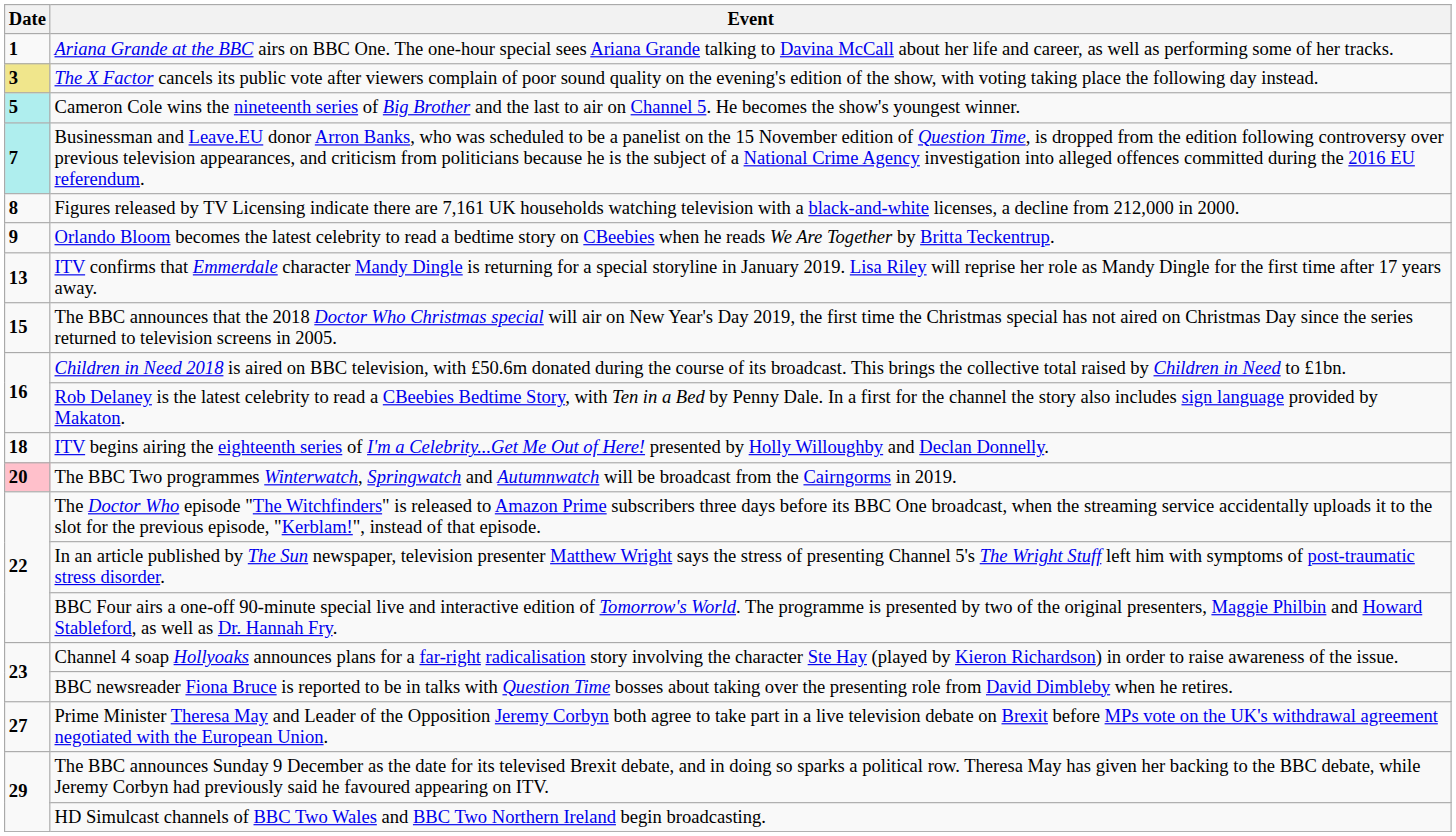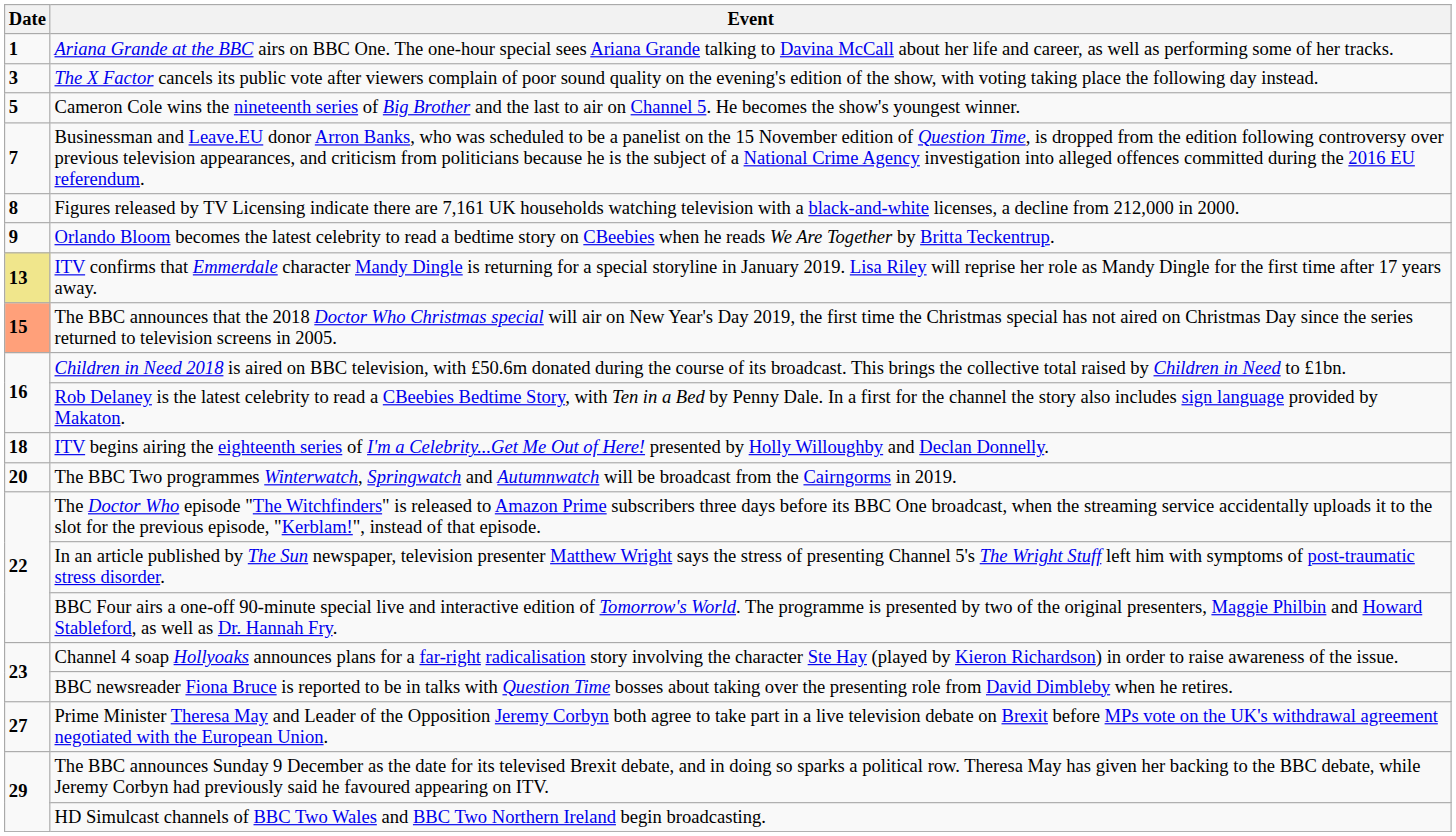 <table class="wikitable">
 <tr>
 <th>Date</th>
 <th>Event</th>
 </tr>
 <tr>
 <td><strong>1</strong></td>
 <td><em><a href='#'>Ariana Grande at the BBC</a></em> airs on BBC One. The one-hour special sees <a href='#'>Ariana Grande</a> talking to <a href='#'>Davina McCall</a> about her life and career, as well as performing some of her tracks.</td>
 </tr>
 <tr>
-<td style="background: khaki;"><strong>3</strong></td>
+<td><strong>3</strong></td>
 <td><em><a href='#'>The X Factor</a></em> cancels its public vote after viewers complain of poor sound quality on the evening's edition of the show, with voting taking place the following day instead.</td>
 </tr>
 <tr>
-<td style="background: paleturquoise;"><strong>5</strong></td>
+<td><strong>5</strong></td>
 <td>Cameron Cole wins the <a href='#'>nineteenth series</a> of <em><a href='#'>Big Brother</a></em> and the last to air on <a href='#'>Channel 5</a>. He becomes the show's youngest winner.</td>
 </tr>
 <tr>
-<td style="background: paleturquoise;"><strong>7</strong></td>
+<td><strong>7</strong></td>
 <td>Businessman and <a href='#'>Leave.EU</a> donor <a href='#'>Arron Banks</a>, who was scheduled to be a panelist on the 15 November edition of <em><a href='#'>Question Time</a></em>, is dropped from the edition following controversy over previous television appearances, and criticism from politicians because he is the subject of a <a href='#'>National Crime Agency</a> investigation into alleged offences committed during the <a href='#'>2016 EU referendum</a>.</td>
 </tr>
 <tr>
 <td><strong>8</strong></td>
 <td>Figures released by TV Licensing indicate there are 7,161 UK households watching television with a <a href='#'>black-and-white</a> licenses, a decline from 212,000 in 2000.</td>
 </tr>
 <tr>
 <td><strong>9</strong></td>
 <td><a href='#'>Orlando Bloom</a> becomes the latest celebrity to read a bedtime story on <a href='#'>CBeebies</a> when he reads <em>We Are Together</em> by <a href='#'>Britta Teckentrup</a>.</td>
 </tr>
 <tr>
-<td><strong>13</strong></td>
+<td style="background: khaki;"><strong>13</strong></td>
 <td><a href='#'>ITV</a> confirms that <em><a href='#'>Emmerdale</a></em> character <a href='#'>Mandy Dingle</a> is returning for a special storyline in January 2019. <a href='#'>Lisa Riley</a> will reprise her role as Mandy Dingle for the first time after 17 years away.</td>
 </tr>
 <tr>
-<td><strong>15</strong></td>
+<td style="background: lightsalmon;"><strong>15</strong></td>
 <td>The BBC announces that the 2018 <em><a href='#'>Doctor Who Christmas special</a></em> will air on New Year's Day 2019, the first time the Christmas special has not aired on Christmas Day since the series returned to television screens in 2005.</td>
 </tr>
 <tr>
 <td rowspan=2><strong>16</strong></td>
 <td><em><a href='#'>Children in Need 2018</a></em> is aired on BBC television, with £50.6m donated during the course of its broadcast. This brings the collective total raised by <em><a href='#'>Children in Need</a></em> to £1bn.</td>
 </tr>
 <tr>
 <td><a href='#'>Rob Delaney</a> is the latest celebrity to read a <a href='#'>CBeebies Bedtime Story</a>, with <em>Ten in a Bed</em> by Penny Dale. In a first for the channel the story also includes <a href='#'>sign language</a> provided by <a href='#'>Makaton</a>.</td>
 </tr>
 <tr>
 <td><strong>18</strong></td>
 <td><a href='#'>ITV</a> begins airing the <a href='#'>eighteenth series</a> of <em><a href='#'>I'm a Celebrity...Get Me Out of Here!</a></em> presented by <a href='#'>Holly Willoughby</a> and <a href='#'>Declan Donnelly</a>.</td>
 </tr>
 <tr>
-<td style="background: pink;"><strong>20</strong></td>
+<td><strong>20</strong></td>
 <td>The BBC Two programmes <em><a href='#'>Winterwatch</a></em>, <em><a href='#'>Springwatch</a></em> and <em><a href='#'>Autumnwatch</a></em> will be broadcast from the <a href='#'>Cairngorms</a> in 2019.</td>
 </tr>
 <tr>
 <td rowspan=3><strong>22</strong></td>
 <td>The <em><a href='#'>Doctor Who</a></em> episode "<a href='#'>The Witchfinders</a>" is released to <a href='#'>Amazon Prime</a> subscribers three days before its BBC One broadcast, when the streaming service accidentally uploads it to the slot for the previous episode, "<a href='#'>Kerblam!</a>", instead of that episode.</td>
 </tr>
 <tr>
 <td>In an article published by <em><a href='#'>The Sun</a></em> newspaper, television presenter <a href='#'>Matthew Wright</a> says the stress of presenting Channel 5's <em><a href='#'>The Wright Stuff</a></em> left him with symptoms of <a href='#'>post-traumatic stress disorder</a>.</td>
 </tr>
 <tr>
 <td>BBC Four airs a one-off 90-minute special live and interactive edition of <em><a href='#'>Tomorrow's World</a></em>. The programme is presented by two of the original presenters, <a href='#'>Maggie Philbin</a> and <a href='#'>Howard Stableford</a>, as well as <a href='#'>Dr. Hannah Fry</a>.</td>
 </tr>
 <tr>
 <td rowspan=2><strong>23</strong></td>
 <td>Channel 4 soap <em><a href='#'>Hollyoaks</a></em> announces plans for a <a href='#'>far-right</a> <a href='#'>radicalisation</a> story involving the character <a href='#'>Ste Hay</a> (played by <a href='#'>Kieron Richardson</a>) in order to raise awareness of the issue.</td>
 </tr>
 <tr>
 <td>BBC newsreader <a href='#'>Fiona Bruce</a> is reported to be in talks with <em><a href='#'>Question Time</a></em> bosses about taking over the presenting role from <a href='#'>David Dimbleby</a> when he retires.</td>
 </tr>
 <tr>
 <td><strong>27</strong></td>
 <td>Prime Minister <a href='#'>Theresa May</a> and Leader of the Opposition <a href='#'>Jeremy Corbyn</a> both agree to take part in a live television debate on <a href='#'>Brexit</a> before <a href='#'>MPs vote on the UK's withdrawal agreement negotiated with the European Union</a>.</td>
 </tr>
 <tr>
 <td rowspan=2><strong>29</strong></td>
 <td>The BBC announces Sunday 9 December as the date for its televised Brexit debate, and in doing so sparks a political row. Theresa May has given her backing to the BBC debate, while Jeremy Corbyn had previously said he favoured appearing on ITV.</td>
 </tr>
 <tr>
 <td>HD Simulcast channels of <a href='#'>BBC Two Wales</a> and <a href='#'>BBC Two Northern Ireland</a> begin broadcasting.</td>
 </tr>
 </table>
